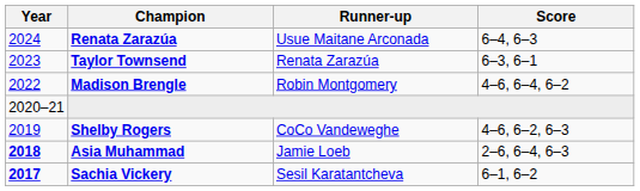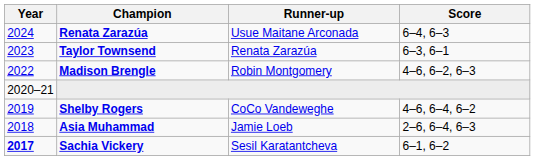 <table class="wikitable" style="font-size:90%">
 <tr>
 <th>Year</th>
 <th width="200">Champion</th>
 <th width="200">Runner-up</th>
 <th width="150">Score</th>
 </tr>
 <tr>
 <td><a href='#'>2024</a></td>
 <td> <strong><a href='#'>Renata Zarazúa</a></strong></td>
 <td> <a href='#'>Usue Maitane Arconada</a></td>
 <td>6–4, 6–3</td>
 </tr>
 <tr>
 <td><a href='#'>2023</a></td>
 <td> <strong><a href='#'>Taylor Townsend</a></strong></td>
 <td> <a href='#'>Renata Zarazúa</a></td>
 <td>6–3, 6–1</td>
 </tr>
 <tr>
 <td><a href='#'>2022</a></td>
 <td> <strong><a href='#'>Madison Brengle</a></strong></td>
 <td> <a href='#'>Robin Montgomery</a></td>
-<td>4–6, 6–4, 6–2</td>
+<td>4–6, 6–2, 6–3</td>
 </tr>
 <tr>
 <td>2020–21</td>
 <td colspan=3 bgcolor="#ededed"></td>
 </tr>
 <tr>
 <td><a href='#'>2019</a></td>
 <td> <strong><a href='#'>Shelby Rogers</a></strong></td>
 <td> <a href='#'>CoCo Vandeweghe</a></td>
-<td>4–6, 6–2, 6–3</td>
+<td>4–6, 6–4, 6–2</td>
 </tr>
 <tr>
-<td><strong><a href='#'>2018</a></strong></td>
+<td><a href='#'>2018</a></td>
 <td> <strong><a href='#'>Asia Muhammad</a></strong></td>
 <td> <a href='#'>Jamie Loeb</a></td>
 <td>2–6, 6–4, 6–3</td>
 </tr>
 <tr>
 <td><strong><a href='#'>2017</a></strong></td>
 <td> <strong><a href='#'>Sachia Vickery</a></strong></td>
 <td> <a href='#'>Sesil Karatantcheva</a></td>
 <td>6–1, 6–2</td>
 </tr>
 </table>
